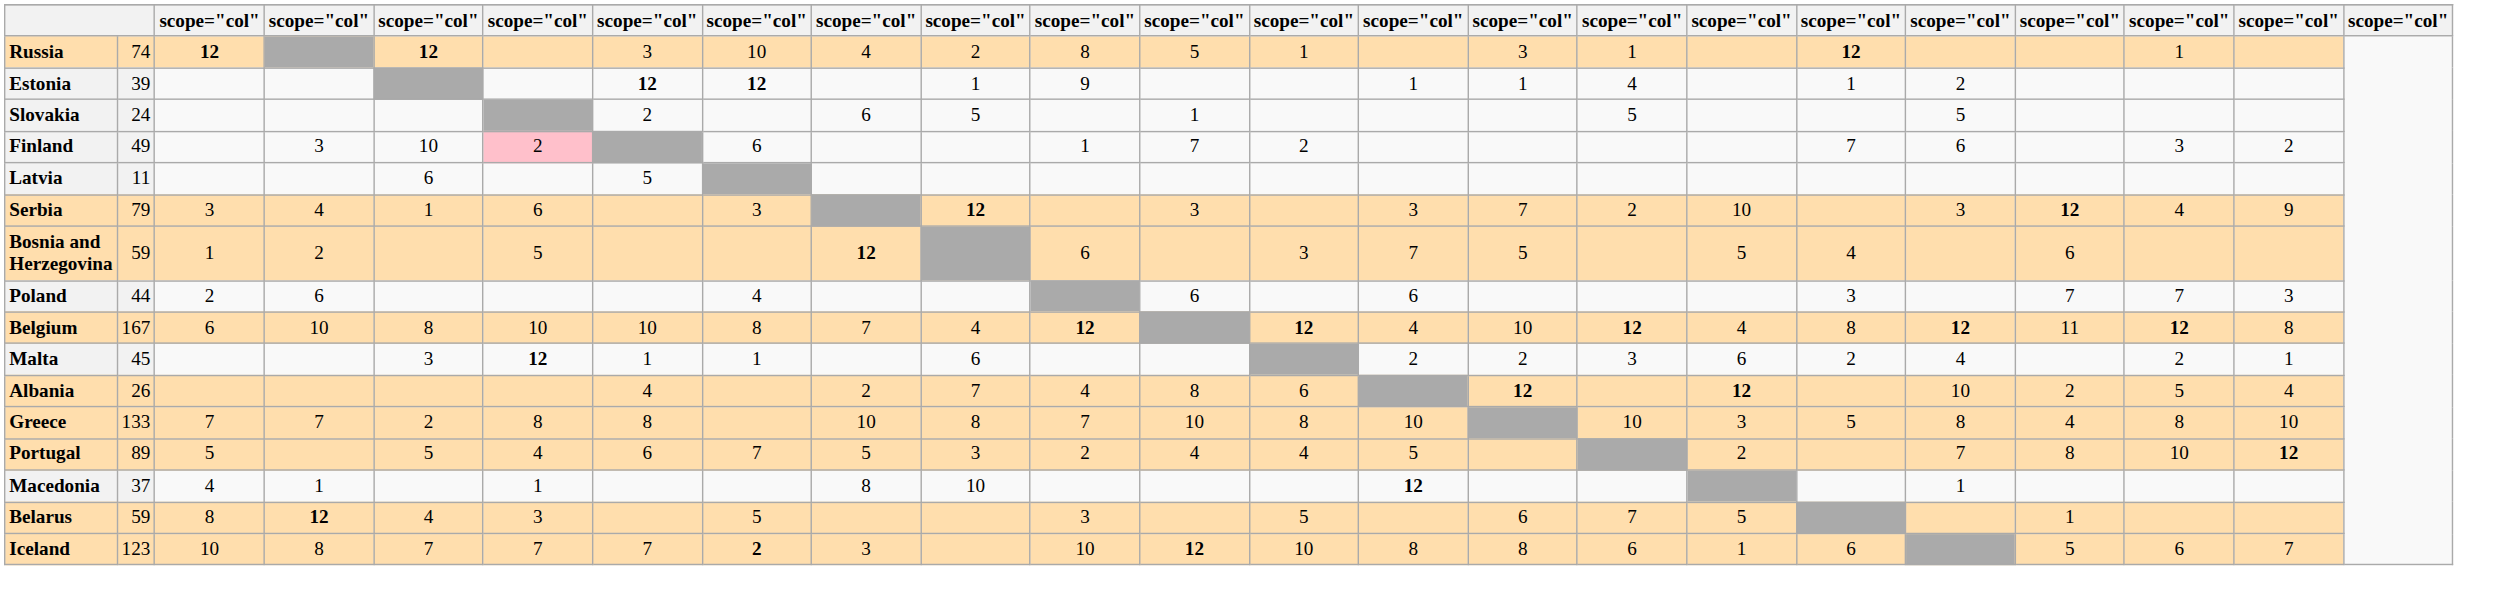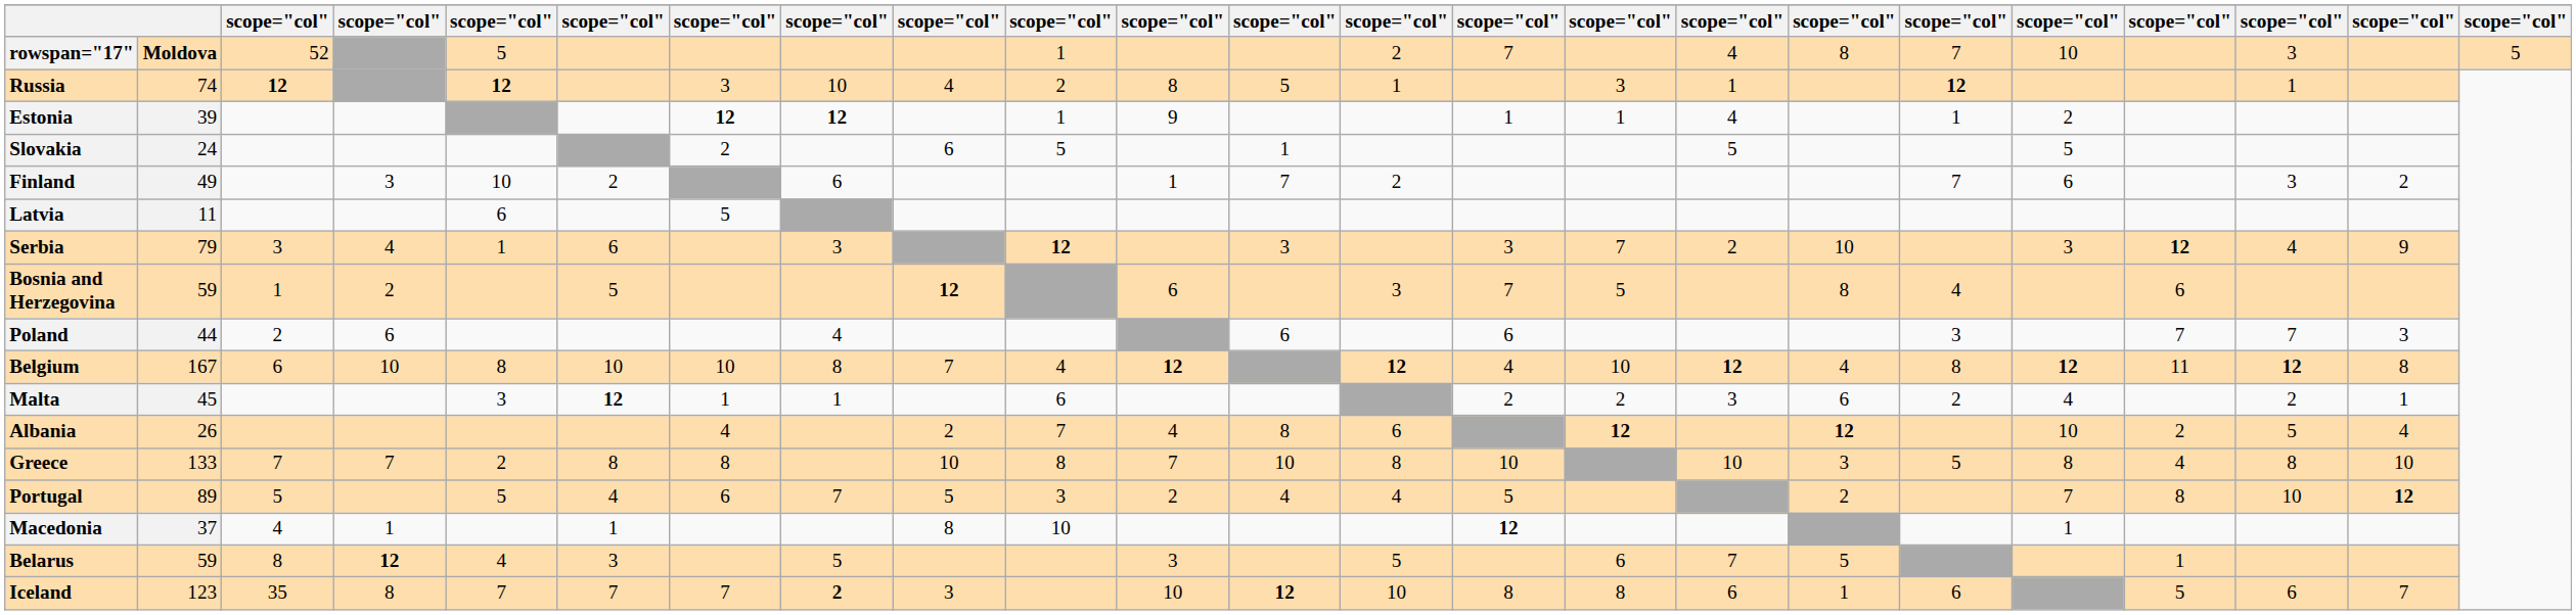 <table class="wikitable plainrowheaders" style="text-align:center; font-size:85%;">
 <tr>
 </tr>
 <tr>
 <th colspan="2"></th>
 <th>scope="col" </th>
 <th>scope="col" </th>
 <th>scope="col" </th>
 <th>scope="col" </th>
 <th>scope="col" </th>
 <th>scope="col" </th>
 <th>scope="col" </th>
 <th>scope="col" </th>
 <th>scope="col" </th>
 <th>scope="col" </th>
 <th>scope="col" </th>
 <th>scope="col" </th>
 <th>scope="col" </th>
 <th>scope="col" </th>
 <th>scope="col" </th>
 <th>scope="col" </th>
 <th>scope="col" </th>
 <th>scope="col" </th>
 <th>scope="col" </th>
 <th>scope="col" </th>
 <th>scope="col" </th>
+</tr>
+<tr style="background:#ffdead;">
+<th>rowspan="17" </th>
+<th scope="row" style="text-align:left; font-weight:bold; background:#ffdead;">Moldova</th>
+<td style="text-align:right;">52</td>
+<td style="text-align:left; background:#aaa;"></td>
+<td>5</td>
+<td></td>
+<td></td>
+<td></td>
+<td></td>
+<td>1</td>
+<td></td>
+<td></td>
+<td>2</td>
+<td>7</td>
+<td></td>
+<td>4</td>
+<td>8</td>
+<td>7</td>
+<td>10</td>
+<td></td>
+<td>3</td>
+<td></td>
+<td>5</td>
 </tr>
 <tr style="background:#ffdead;">
 <th scope="row" style="text-align:left; font-weight:bold; background:#ffdead;">Russia</th>
 <td style="text-align:right;">74</td>
 <td><strong>12</strong></td>
 <td style="text-align:left; background:#aaa;"></td>
 <td><strong>12</strong></td>
 <td></td>
 <td>3</td>
 <td>10</td>
 <td>4</td>
 <td>2</td>
 <td>8</td>
 <td>5</td>
 <td>1</td>
 <td></td>
 <td>3</td>
 <td>1</td>
 <td></td>
 <td><strong>12</strong></td>
 <td></td>
 <td></td>
 <td>1</td>
 <td></td>
 </tr>
 <tr>
 <th scope="row" style="text-align:left; background:#f2f2f2;">Estonia</th>
 <td style="text-align:right; background:#f2f2f2;">39</td>
 <td></td>
 <td></td>
 <td style="text-align:left; background:#aaa;"></td>
 <td></td>
 <td><strong>12</strong></td>
 <td><strong>12</strong></td>
 <td></td>
 <td>1</td>
 <td>9</td>
 <td></td>
 <td></td>
 <td>1</td>
 <td>1</td>
 <td>4</td>
 <td></td>
 <td>1</td>
 <td>2</td>
 <td></td>
 <td></td>
 <td></td>
 </tr>
 <tr>
 <th scope="row" style="text-align:left; background:#f2f2f2;">Slovakia</th>
 <td style="text-align:right; background:#f2f2f2;">24</td>
 <td></td>
 <td></td>
 <td></td>
 <td style="text-align:left; background:#aaa;"></td>
 <td>2</td>
 <td></td>
 <td>6</td>
 <td>5</td>
 <td></td>
 <td>1</td>
 <td></td>
 <td></td>
 <td></td>
 <td>5</td>
 <td></td>
 <td></td>
 <td>5</td>
 <td></td>
 <td></td>
 <td></td>
 </tr>
 <tr>
 <th scope="row" style="text-align:left; background:#f2f2f2;">Finland</th>
 <td style="text-align:right; background:#f2f2f2;">49</td>
 <td></td>
 <td>3</td>
 <td>10</td>
-<td style="background: pink;">2</td>
+<td>2</td>
 <td style="text-align:left; background:#aaa;"></td>
 <td>6</td>
 <td></td>
 <td></td>
 <td>1</td>
 <td>7</td>
 <td>2</td>
 <td></td>
 <td></td>
 <td></td>
 <td></td>
 <td>7</td>
 <td>6</td>
 <td></td>
 <td>3</td>
 <td>2</td>
 </tr>
 <tr>
 <th scope="row" style="text-align:left; background:#f2f2f2;">Latvia</th>
 <td style="text-align:right; background:#f2f2f2;">11</td>
 <td></td>
 <td></td>
 <td>6</td>
 <td></td>
 <td>5</td>
 <td style="text-align:left; background:#aaa;"></td>
 <td></td>
 <td></td>
 <td></td>
 <td></td>
 <td></td>
 <td></td>
 <td></td>
 <td></td>
 <td></td>
 <td></td>
 <td></td>
 <td></td>
 <td></td>
 <td></td>
 </tr>
 <tr style="background:#ffdead;">
 <th scope="row" style="text-align:left; font-weight:bold; background:#ffdead;">Serbia</th>
 <td style="text-align:right;">79</td>
 <td>3</td>
 <td>4</td>
 <td>1</td>
 <td>6</td>
 <td></td>
 <td>3</td>
 <td style="text-align:left; background:#aaa;"></td>
 <td><strong>12</strong></td>
 <td></td>
 <td>3</td>
 <td></td>
 <td>3</td>
 <td>7</td>
 <td>2</td>
 <td>10</td>
 <td></td>
 <td>3</td>
 <td><strong>12</strong></td>
 <td>4</td>
 <td>9</td>
 </tr>
 <tr style="background:#ffdead;">
 <th scope="row" style="text-align:left; font-weight:bold; background:#ffdead;">Bosnia and Herzegovina</th>
 <td style="text-align:right;">59</td>
 <td>1</td>
 <td>2</td>
 <td></td>
 <td>5</td>
 <td></td>
 <td></td>
 <td><strong>12</strong></td>
 <td style="text-align:left; background:#aaa;"></td>
 <td>6</td>
 <td></td>
 <td>3</td>
 <td>7</td>
 <td>5</td>
 <td></td>
-<td>5</td>
+<td>8</td>
 <td>4</td>
 <td></td>
 <td>6</td>
 <td></td>
 <td></td>
 </tr>
 <tr>
 <th scope="row" style="text-align:left; background:#f2f2f2;">Poland</th>
 <td style="text-align:right; background:#f2f2f2;">44</td>
 <td>2</td>
 <td>6</td>
 <td></td>
 <td></td>
 <td></td>
 <td>4</td>
 <td></td>
 <td></td>
 <td style="text-align:left; background:#aaa;"></td>
 <td>6</td>
 <td></td>
 <td>6</td>
 <td></td>
 <td></td>
 <td></td>
 <td>3</td>
 <td></td>
 <td>7</td>
 <td>7</td>
 <td>3</td>
 </tr>
 <tr style="background:#ffdead;">
 <th scope="row" style="text-align:left; font-weight:bold; background:#ffdead;">Belgium</th>
 <td style="text-align:right;">167</td>
 <td>6</td>
 <td>10</td>
 <td>8</td>
 <td>10</td>
 <td>10</td>
 <td>8</td>
 <td>7</td>
 <td>4</td>
 <td><strong>12</strong></td>
 <td style="text-align:left; background:#aaa;"></td>
 <td><strong>12</strong></td>
 <td>4</td>
 <td>10</td>
 <td><strong>12</strong></td>
 <td>4</td>
 <td>8</td>
 <td><strong>12</strong></td>
 <td>11</td>
 <td><strong>12</strong></td>
 <td>8</td>
 </tr>
 <tr>
 <th scope="row" style="text-align:left; background:#f2f2f2;">Malta</th>
 <td style="text-align:right; background:#f2f2f2;">45</td>
 <td></td>
 <td></td>
 <td>3</td>
 <td><strong>12</strong></td>
 <td>1</td>
 <td>1</td>
 <td></td>
 <td>6</td>
 <td></td>
 <td></td>
 <td style="text-align:left; background:#aaa;"></td>
 <td>2</td>
 <td>2</td>
 <td>3</td>
 <td>6</td>
 <td>2</td>
 <td>4</td>
 <td></td>
 <td>2</td>
 <td>1</td>
 </tr>
 <tr style="background:#ffdead;">
 <th scope="row" style="text-align:left; font-weight:bold; background:#ffdead;">Albania</th>
 <td style="text-align:right;">26</td>
 <td></td>
 <td></td>
 <td></td>
 <td></td>
 <td>4</td>
 <td></td>
 <td>2</td>
 <td>7</td>
 <td>4</td>
 <td>8</td>
 <td>6</td>
 <td style="text-align:left; background:#aaa;"></td>
 <td><strong>12</strong></td>
 <td></td>
 <td><strong>12</strong></td>
 <td></td>
 <td>10</td>
 <td>2</td>
 <td>5</td>
 <td>4</td>
 </tr>
 <tr style="background:#ffdead;">
 <th scope="row" style="text-align:left; font-weight:bold; background:#ffdead;">Greece</th>
 <td style="text-align:right;">133</td>
 <td>7</td>
 <td>7</td>
 <td>2</td>
 <td>8</td>
 <td>8</td>
 <td></td>
 <td>10</td>
 <td>8</td>
 <td>7</td>
 <td>10</td>
 <td>8</td>
 <td>10</td>
 <td style="text-align:left; background:#aaa;"></td>
 <td>10</td>
 <td>3</td>
 <td>5</td>
 <td>8</td>
 <td>4</td>
 <td>8</td>
 <td>10</td>
 </tr>
 <tr style="background:#ffdead;">
 <th scope="row" style="text-align:left; font-weight:bold; background:#ffdead;">Portugal</th>
 <td style="text-align:right;">89</td>
 <td>5</td>
 <td></td>
 <td>5</td>
 <td>4</td>
 <td>6</td>
 <td>7</td>
 <td>5</td>
 <td>3</td>
 <td>2</td>
 <td>4</td>
 <td>4</td>
 <td>5</td>
 <td></td>
 <td style="text-align:left; background:#aaa;"></td>
 <td>2</td>
 <td></td>
 <td>7</td>
 <td>8</td>
 <td>10</td>
 <td><strong>12</strong></td>
 </tr>
 <tr>
 <th scope="row" style="text-align:left; background:#f2f2f2;">Macedonia</th>
 <td style="text-align:right; background:#f2f2f2;">37</td>
 <td>4</td>
 <td>1</td>
 <td></td>
 <td>1</td>
 <td></td>
 <td></td>
 <td>8</td>
 <td>10</td>
 <td></td>
 <td></td>
 <td></td>
 <td><strong>12</strong></td>
 <td></td>
 <td></td>
 <td style="text-align:left; background:#aaa;"></td>
 <td></td>
 <td>1</td>
 <td></td>
 <td></td>
 <td></td>
 </tr>
 <tr style="background:#ffdead;">
 <th scope="row" style="text-align:left; font-weight:bold; background:#ffdead;">Belarus</th>
 <td style="text-align:right;">59</td>
 <td>8</td>
 <td><strong>12</strong></td>
 <td>4</td>
 <td>3</td>
 <td></td>
 <td>5</td>
 <td></td>
 <td></td>
 <td>3</td>
 <td></td>
 <td>5</td>
 <td></td>
 <td>6</td>
 <td>7</td>
 <td>5</td>
 <td style="text-align:left; background:#aaa;"></td>
 <td></td>
 <td>1</td>
 <td></td>
 <td></td>
 </tr>
 <tr style="background:#ffdead;">
 <th scope="row" style="text-align:left; font-weight:bold; background:#ffdead;">Iceland</th>
 <td style="text-align:right;">123</td>
-<td>10</td>
+<td>35</td>
 <td>8</td>
 <td>7</td>
 <td>7</td>
 <td>7</td>
 <td><strong>2</strong></td>
 <td>3</td>
 <td></td>
 <td>10</td>
 <td><strong>12</strong></td>
 <td>10</td>
 <td>8</td>
 <td>8</td>
 <td>6</td>
 <td>1</td>
 <td>6</td>
 <td style="text-align:left; background:#aaa;"></td>
 <td>5</td>
 <td>6</td>
 <td>7</td>
 </tr>
 </table>
